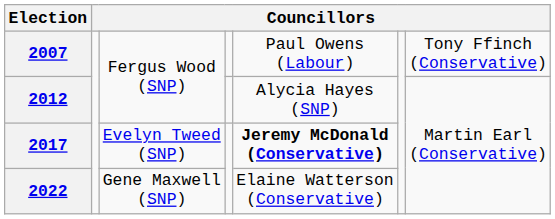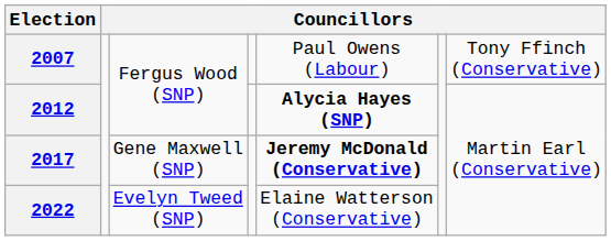 <table class="wikitable" style="text-align:center">
 <tr>
 <th>Election</th>
 <th colspan=6>Councillors</th>
 </tr>
 <tr>
 <th><a href='#'>2007</a></th>
 <td rowspan=4; style="background-color: "></td>
 <td rowspan=2>Fergus Wood<br>(<a href='#'>SNP</a>)</td>
 <td rowspan=1; style="background-color: "></td>
 <td rowspan=1>Paul Owens<br>(<a href='#'>Labour</a>)</td>
 <td rowspan=4; style="background-color: "></td>
 <td rowspan=1>Tony Ffinch<br>(<a href='#'>Conservative</a>)</td>
 </tr>
 <tr>
 <th><a href='#'>2012</a></th>
 <td rowspan=1; style="background-color: "></td>
-<td rowspan=1>Alycia Hayes<br>(<a href='#'>SNP</a>)</td>
+<td rowspan=1><strong>Alycia Hayes<br>(<a href='#'>SNP</a>)</strong></td>
 <td rowspan=3>Martin Earl<br>(<a href='#'>Conservative</a>)</td>
 </tr>
 <tr>
 <th><a href='#'>2017</a></th>
-<td rowspan=1><a href='#'>Evelyn Tweed</a><br>(<a href='#'>SNP</a>)</td>
+<td rowspan=1>Gene Maxwell<br>(<a href='#'>SNP</a>)</td>
 <td rowspan=2; style="background-color: "></td>
 <td rowspan=1><strong>Jeremy McDonald<br>(<a href='#'>Conservative</a>)</strong></td>
 </tr>
 <tr>
 <th><a href='#'>2022</a></th>
-<td rowspan=1>Gene Maxwell<br>(<a href='#'>SNP</a>)</td>
+<td rowspan=1><a href='#'>Evelyn Tweed</a><br>(<a href='#'>SNP</a>)</td>
 <td rowspan=1>Elaine Watterson<br>(<a href='#'>Conservative</a>)</td>
 </tr>
 </table>
